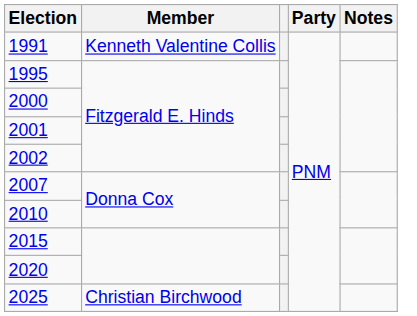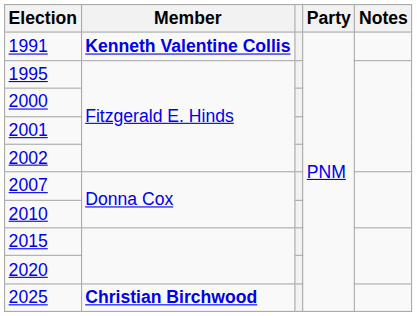 <table class="wikitable sortable">
 <tr>
 <th>Election</th>
 <th>Member</th>
 <th></th>
 <th>Party</th>
 <th>Notes</th>
 </tr>
 <tr>
 <td><a href='#'>1991</a></td>
-<td><a href='#'>Kenneth Valentine Collis</a></td>
+<td><strong><a href='#'>Kenneth Valentine Collis</a></strong></td>
 <th style="background-color: "></th>
 <td rowspan="10"><a href='#'>PNM</a></td>
 <td></td>
 </tr>
 <tr>
 <td><a href='#'>1995</a></td>
 <td rowspan="4"><a href='#'>Fitzgerald E. Hinds</a></td>
 <th style="background-color: "></th>
 <td rowspan="4"></td>
 </tr>
 <tr>
 <td><a href='#'>2000</a></td>
 <th style="background-color: "></th>
 </tr>
 <tr>
 <td><a href='#'>2001</a></td>
 <th style="background-color: "></th>
 </tr>
 <tr>
 <td><a href='#'>2002</a></td>
 <th style="background-color: "></th>
 </tr>
 <tr>
 <td><a href='#'>2007</a></td>
 <td rowspan="2"><a href='#'>Donna Cox</a></td>
 <th style="background-color: "></th>
 <td rowspan="2"></td>
 </tr>
 <tr>
 <td><a href='#'>2010</a></td>
 <th style="background-color: "></th>
 </tr>
 <tr>
 <td><a href='#'>2015</a></td>
 <td rowspan="2"></td>
 <th style="background-color: "></th>
 <td rowspan="2"></td>
 </tr>
 <tr>
 <td><a href='#'>2020</a></td>
 <th style="background-color: "></th>
 </tr>
 <tr>
 <td><a href='#'>2025</a></td>
-<td><a href='#'>Christian Birchwood</a></td>
+<td><strong><a href='#'>Christian Birchwood</a></strong></td>
 <th style="background-color: "></th>
 <td></td>
 </tr>
 </table>
